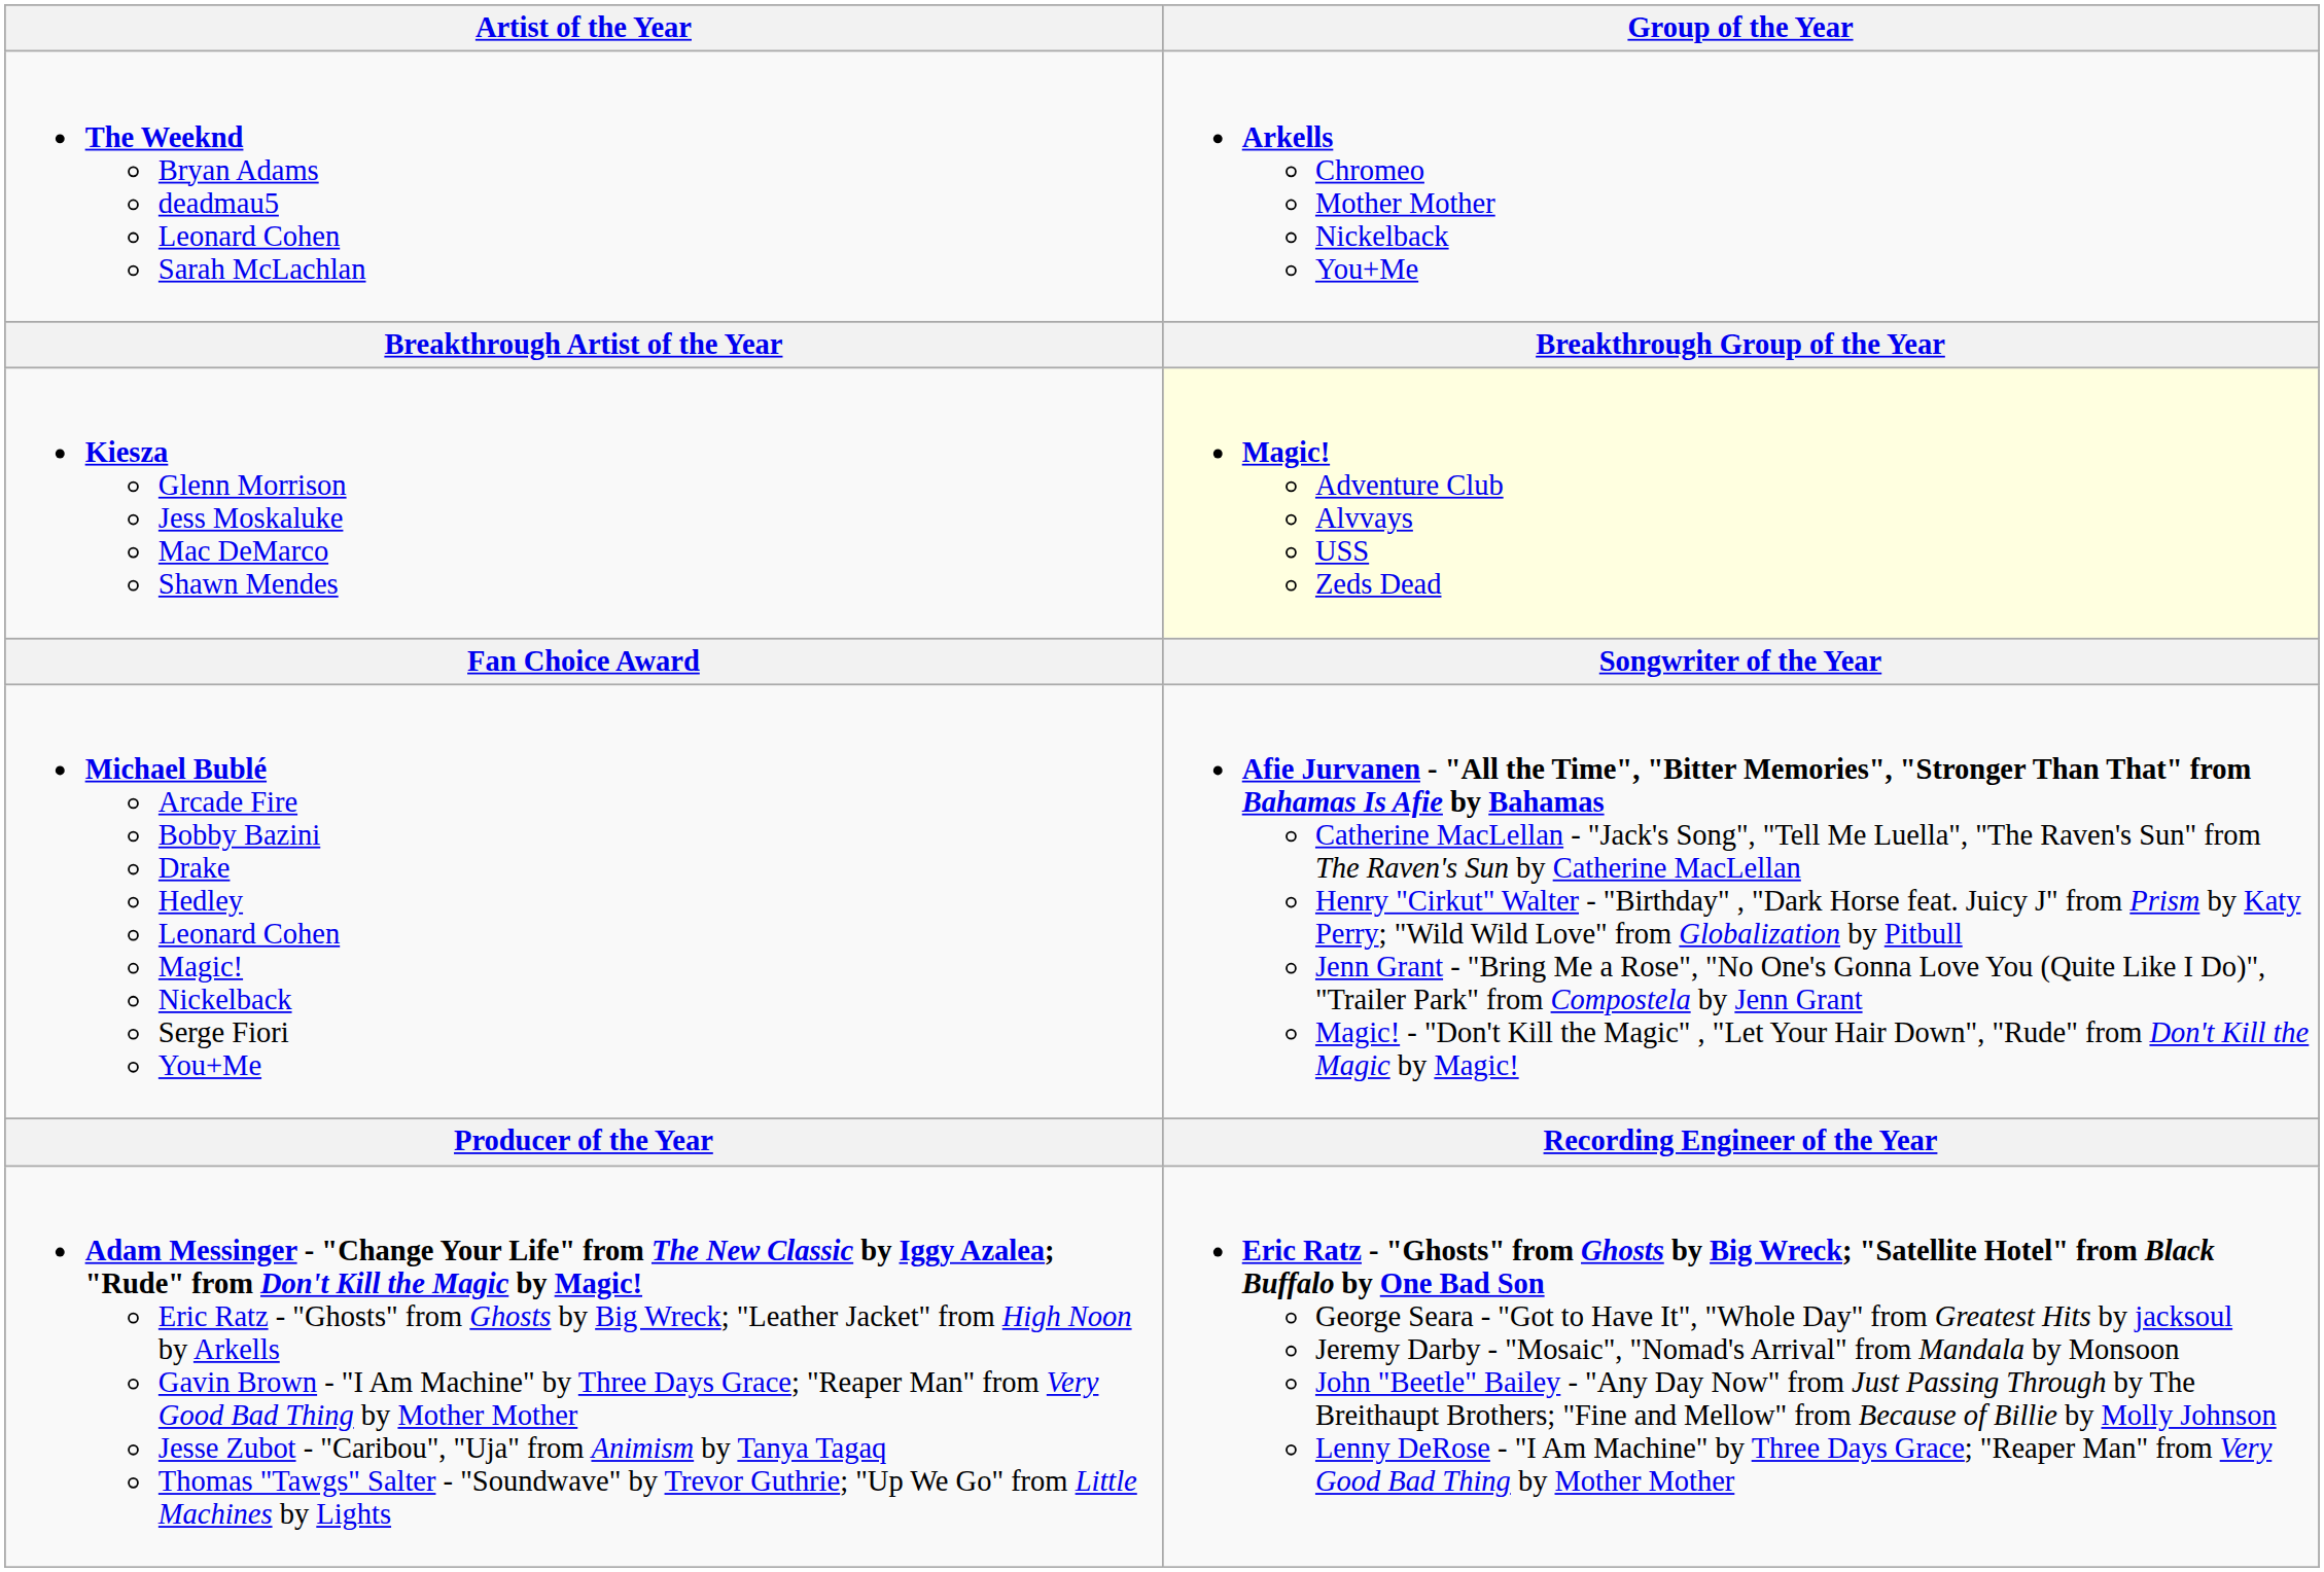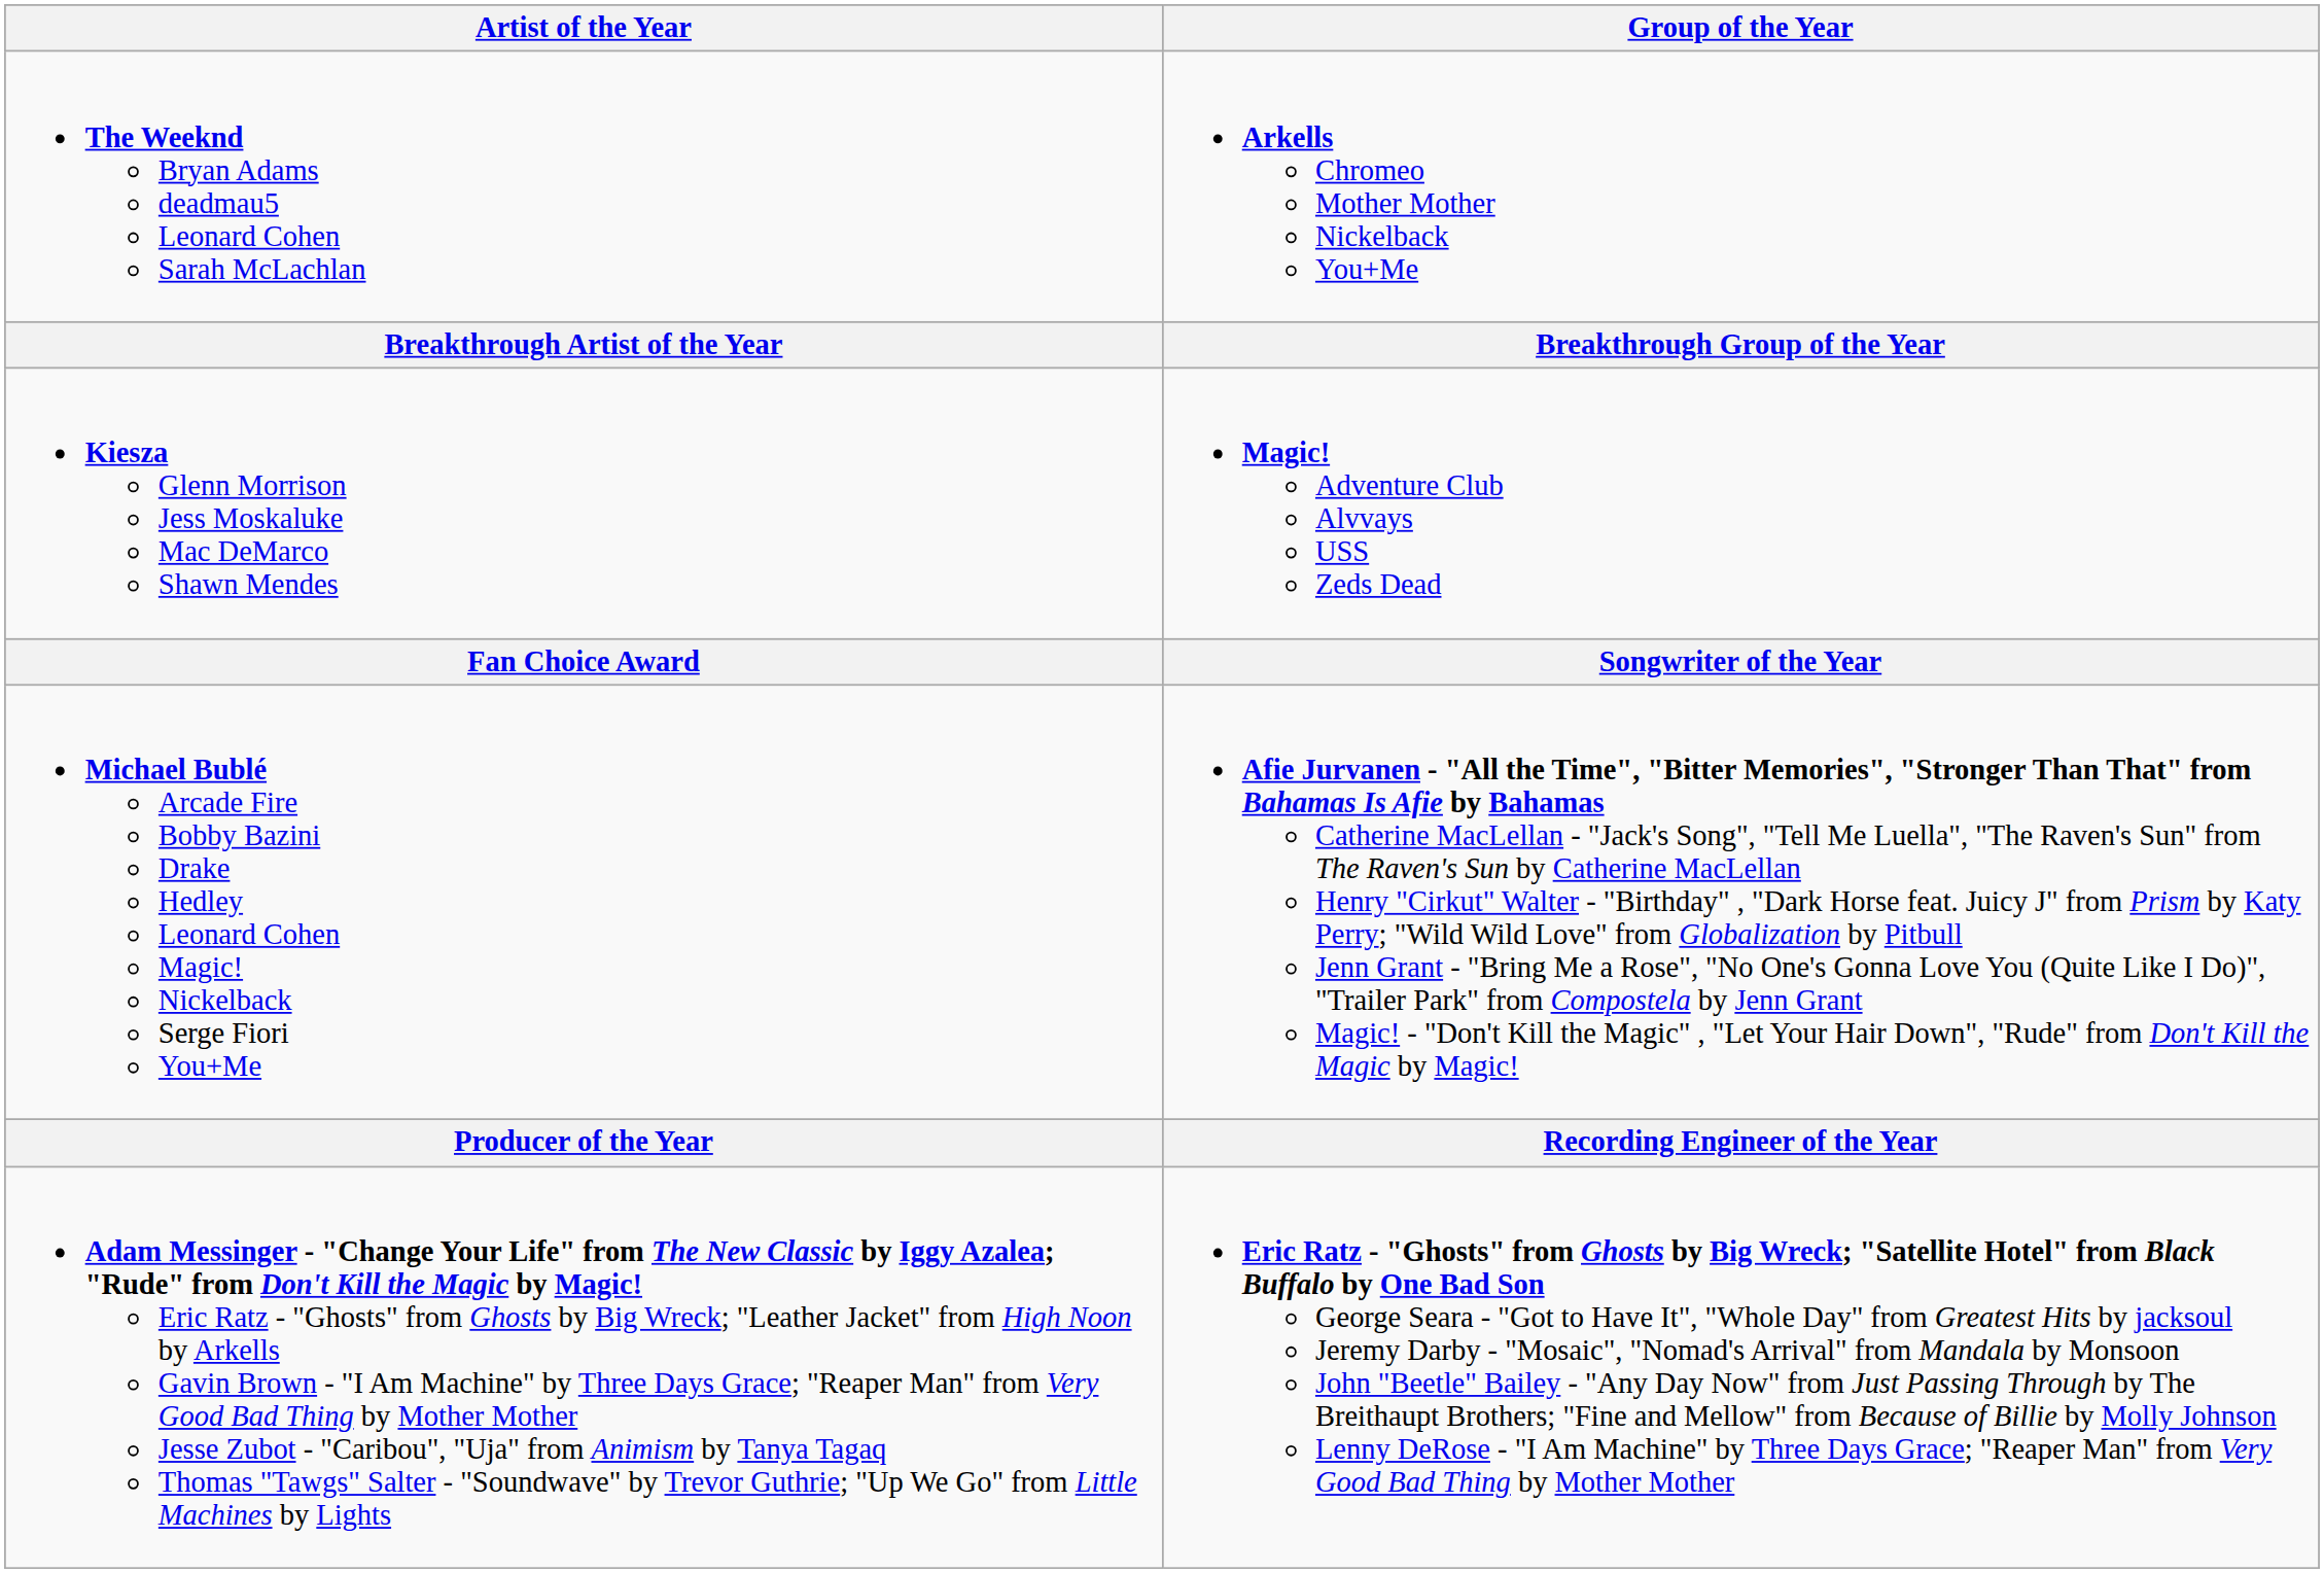 <table class="wikitable" style="width:100%">
 <tr>
 <th style="width:50%"><a href='#'>Artist of the Year</a></th>
 <th style="width:50%"><a href='#'>Group of the Year</a></th>
 </tr>
 <tr>
 <td valign="top"><br><ul><li><strong><a href='#'>The Weeknd</a></strong><ul><li><a href='#'>Bryan Adams</a></li><li><a href='#'>deadmau5</a></li><li><a href='#'>Leonard Cohen</a></li><li><a href='#'>Sarah McLachlan</a></li></ul></li></ul></td>
 <td valign="top"><br><ul><li><strong><a href='#'>Arkells</a></strong><ul><li><a href='#'>Chromeo</a></li><li><a href='#'>Mother Mother</a></li><li><a href='#'>Nickelback</a></li><li><a href='#'>You+Me</a></li></ul></li></ul></td>
 </tr>
 <tr>
 <th style="width:50%"><a href='#'>Breakthrough Artist of the Year</a></th>
 <th style="width:50%"><a href='#'>Breakthrough Group of the Year</a></th>
 </tr>
 <tr>
 <td valign="top"><br><ul><li><strong><a href='#'>Kiesza</a></strong><ul><li><a href='#'>Glenn Morrison</a></li><li><a href='#'>Jess Moskaluke</a></li><li><a href='#'>Mac DeMarco</a></li><li><a href='#'>Shawn Mendes</a></li></ul></li></ul></td>
-<td valign="top" style="background: lightyellow;"><br><ul><li><strong><a href='#'>Magic!</a></strong><ul><li><a href='#'>Adventure Club</a></li><li><a href='#'>Alvvays</a></li><li><a href='#'>USS</a></li><li><a href='#'>Zeds Dead</a></li></ul></li></ul></td>
+<td valign="top"><br><ul><li><strong><a href='#'>Magic!</a></strong><ul><li><a href='#'>Adventure Club</a></li><li><a href='#'>Alvvays</a></li><li><a href='#'>USS</a></li><li><a href='#'>Zeds Dead</a></li></ul></li></ul></td>
 </tr>
 <tr>
 <th style="width:50%"><a href='#'>Fan Choice Award</a></th>
 <th style="width:50%"><a href='#'>Songwriter of the Year</a></th>
 </tr>
 <tr>
 <td valign="top"><br><ul><li><strong><a href='#'>Michael Bublé</a></strong><ul><li><a href='#'>Arcade Fire</a></li><li><a href='#'>Bobby Bazini</a></li><li><a href='#'>Drake</a></li><li><a href='#'>Hedley</a></li><li><a href='#'>Leonard Cohen</a></li><li><a href='#'>Magic!</a></li><li><a href='#'>Nickelback</a></li><li>Serge Fiori</li><li><a href='#'>You+Me</a></li></ul></li></ul></td>
 <td valign="top"><br><ul><li><strong><a href='#'>Afie Jurvanen</a> - "All the Time", "Bitter Memories", "Stronger Than That" from <em><a href='#'>Bahamas Is Afie</a></em> by <a href='#'>Bahamas</a></strong><ul><li><a href='#'>Catherine MacLellan</a> - "Jack's Song", "Tell Me Luella", "The Raven's Sun" from <em>The Raven's Sun</em> by <a href='#'>Catherine MacLellan</a></li><li><a href='#'>Henry "Cirkut" Walter</a> - "Birthday" , "Dark Horse feat. Juicy J"  from <em><a href='#'>Prism</a></em> by <a href='#'>Katy Perry</a>; "Wild Wild Love"  from <em><a href='#'>Globalization</a></em> by <a href='#'>Pitbull</a></li><li><a href='#'>Jenn Grant</a> - "Bring Me a Rose", "No One's Gonna Love You (Quite Like I Do)", "Trailer Park" from <em><a href='#'>Compostela</a></em> by <a href='#'>Jenn Grant</a></li><li><a href='#'>Magic!</a> - "Don't Kill the Magic" , "Let Your Hair Down", "Rude"  from <em><a href='#'>Don't Kill the Magic</a></em> by <a href='#'>Magic!</a></li></ul></li></ul></td>
 </tr>
 <tr>
 <th style="width:50%"><a href='#'>Producer of the Year</a></th>
 <th style="width:50%"><a href='#'>Recording Engineer of the Year</a></th>
 </tr>
 <tr>
 <td valign="top"><br><ul><li><strong><a href='#'>Adam Messinger</a> - "Change Your Life"  from <em><a href='#'>The New Classic</a></em> by <a href='#'>Iggy Azalea</a>; "Rude" from <em><a href='#'>Don't Kill the Magic</a></em> by <a href='#'>Magic!</a></strong><ul><li><a href='#'>Eric Ratz</a> - "Ghosts" from <em><a href='#'>Ghosts</a></em> by <a href='#'>Big Wreck</a>; "Leather Jacket" from <em><a href='#'>High Noon</a></em> by <a href='#'>Arkells</a></li><li><a href='#'>Gavin Brown</a> - "I Am Machine" by <a href='#'>Three Days Grace</a>; "Reaper Man" from <em><a href='#'>Very Good Bad Thing</a></em> by <a href='#'>Mother Mother</a></li><li><a href='#'>Jesse Zubot</a> - "Caribou", "Uja" from <em><a href='#'>Animism</a></em> by <a href='#'>Tanya Tagaq</a></li><li><a href='#'>Thomas "Tawgs" Salter</a> - "Soundwave" by <a href='#'>Trevor Guthrie</a>; "Up We Go" from <em><a href='#'>Little Machines</a></em> by <a href='#'>Lights</a></li></ul></li></ul></td>
 <td valign="top"><br><ul><li><strong><a href='#'>Eric Ratz</a> - "Ghosts" from <em><a href='#'>Ghosts</a></em> by <a href='#'>Big Wreck</a>; "Satellite Hotel" from <em>Black Buffalo</em> by <a href='#'>One Bad Son</a></strong><ul><li>George Seara - "Got to Have It", "Whole Day" from <em>Greatest Hits</em> by <a href='#'>jacksoul</a></li><li>Jeremy Darby - "Mosaic", "Nomad's Arrival" from <em>Mandala</em> by Monsoon</li><li><a href='#'>John "Beetle" Bailey</a> - "Any Day Now" from <em>Just Passing Through</em> by The Breithaupt Brothers; "Fine and Mellow" from <em>Because of Billie</em> by <a href='#'>Molly Johnson</a></li><li><a href='#'>Lenny DeRose</a> - "I Am Machine" by <a href='#'>Three Days Grace</a>; "Reaper Man" from <em><a href='#'>Very Good Bad Thing</a></em> by <a href='#'>Mother Mother</a></li></ul></li></ul></td>
 </tr>
 </table>
